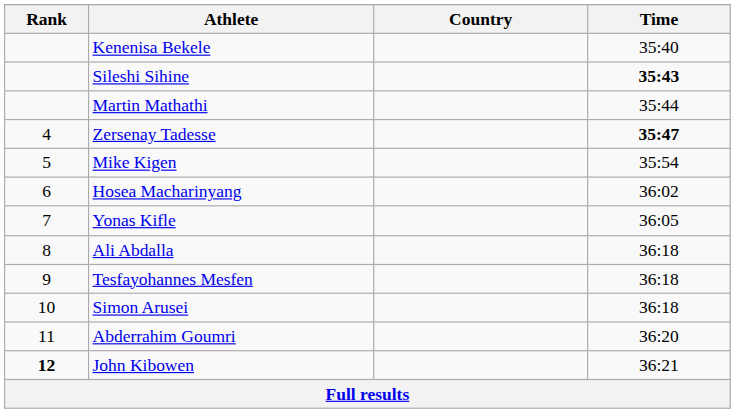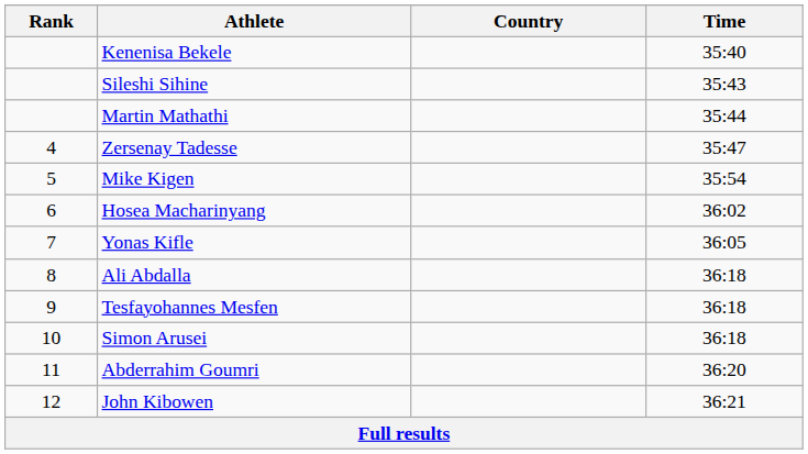 <table class="wikitable sortable" style=" text-align:center; font-size:95%;" width="50%">
 <tr>
 </tr>
 <tr>
 <th width=5%>Rank</th>
 <th width=20%>Athlete</th>
 <th width=15%>Country</th>
 <th width=10%>Time</th>
 </tr>
 <tr>
 <td align=center></td>
 <td align=left><a href='#'>Kenenisa Bekele</a></td>
 <td align=left></td>
 <td>35:40</td>
 </tr>
 <tr>
 <td align=center></td>
 <td align=left><a href='#'>Sileshi Sihine</a></td>
 <td align=left></td>
-<td><strong>35:43</strong></td>
+<td>35:43</td>
 </tr>
 <tr>
 <td align=center></td>
 <td align=left><a href='#'>Martin Mathathi</a></td>
 <td align=left></td>
 <td>35:44</td>
 </tr>
 <tr>
 <td align=center>4</td>
 <td align=left><a href='#'>Zersenay Tadesse</a></td>
 <td align=left></td>
-<td><strong>35:47</strong></td>
+<td>35:47</td>
 </tr>
 <tr>
 <td align=center>5</td>
 <td align=left><a href='#'>Mike Kigen</a></td>
 <td align=left></td>
 <td>35:54</td>
 </tr>
 <tr>
 <td align=center>6</td>
 <td align=left><a href='#'>Hosea Macharinyang</a></td>
 <td align=left></td>
 <td>36:02</td>
 </tr>
 <tr>
 <td align=center>7</td>
 <td align=left><a href='#'>Yonas Kifle</a></td>
 <td align=left></td>
 <td>36:05</td>
 </tr>
 <tr>
 <td align=center>8</td>
 <td align=left><a href='#'>Ali Abdalla</a></td>
 <td align=left></td>
 <td>36:18</td>
 </tr>
 <tr>
 <td align=center>9</td>
 <td align=left><a href='#'>Tesfayohannes Mesfen</a></td>
 <td align=left></td>
 <td>36:18</td>
 </tr>
 <tr>
 <td align=center>10</td>
 <td align=left><a href='#'>Simon Arusei</a></td>
 <td align=left></td>
 <td>36:18</td>
 </tr>
 <tr>
 <td align=center>11</td>
 <td align=left><a href='#'>Abderrahim Goumri</a></td>
 <td align=left></td>
 <td>36:20</td>
 </tr>
 <tr>
-<td align=center><strong>12</strong></td>
+<td align=center>12</td>
 <td align=left><a href='#'>John Kibowen</a></td>
 <td align=left></td>
 <td>36:21</td>
 </tr>
 <tr class="sortbottom">
 <th colspan=4 align=center><a href='#'>Full results</a></th>
 </tr>
 </table>
